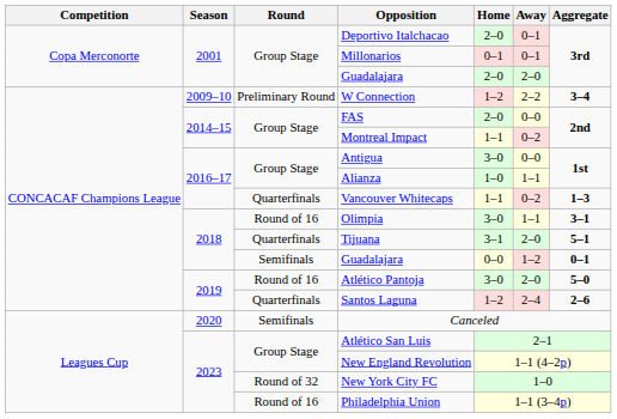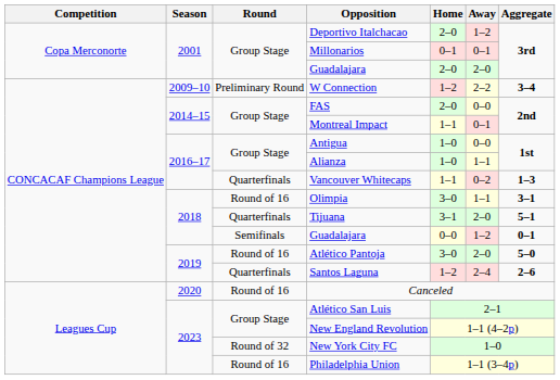 <table class="wikitable collapsible sortable" style="text-align:center; ">
 <tr>
 <th>Competition</th>
 <th>Season</th>
 <th>Round</th>
 <th>Opposition</th>
 <th>Home</th>
 <th>Away</th>
 <th>Aggregate</th>
 </tr>
 <tr>
 <td rowspan="3"><a href='#'>Copa Merconorte</a></td>
 <td rowspan="3"><a href='#'>2001</a></td>
 <td rowspan="3">Group Stage</td>
 <td style="text-align:left;"> <a href='#'>Deportivo Italchacao</a></td>
 <td style="text-align:center; background:#dfd;">2–0</td>
-<td style="text-align:center; background:#fdd;">0–1</td>
+<td style="text-align:center; background:#fdd;">1–2</td>
 <td rowspan="3"><strong>3rd</strong></td>
 </tr>
 <tr>
 <td style="text-align:left;"> <a href='#'>Millonarios</a></td>
 <td style="text-align:center; background:#fdd;">0–1</td>
 <td style="text-align:center; background:#fdd;">0–1</td>
 </tr>
 <tr>
 <td style="text-align:left;"> <a href='#'>Guadalajara</a></td>
 <td style="text-align:center; background:#dfd;">2–0</td>
 <td style="text-align:center; background:#dfd;">2–0</td>
 </tr>
 <tr>
 <td rowspan="11"><a href='#'>CONCACAF Champions League</a></td>
 <td><a href='#'>2009–10</a></td>
 <td>Preliminary Round</td>
 <td style="text-align:left;"> <a href='#'>W Connection</a></td>
 <td style="text-align:center; background:#fdd;">1–2</td>
 <td style="text-align:center; background:#ffd;">2–2</td>
 <td style="text-align:center;"><strong>3–4</strong></td>
 </tr>
 <tr>
 <td rowspan="2"><a href='#'>2014–15</a></td>
 <td rowspan="2">Group Stage</td>
 <td style="text-align:left;"> <a href='#'>FAS</a></td>
 <td style="text-align:center; background:#dfd;">2–0</td>
 <td style="text-align:center; background:#ffd;">0–0</td>
 <td rowspan="2"><strong>2nd</strong></td>
 </tr>
 <tr>
 <td style="text-align:left;"> <a href='#'>Montreal Impact</a></td>
 <td style="text-align:center; background:#ffd;">1–1</td>
-<td style="text-align:center; background:#fdd;">0–2</td>
+<td style="text-align:center; background:#fdd;">0–1</td>
 </tr>
 <tr>
 <td rowspan="3"><a href='#'>2016–17</a></td>
 <td rowspan="2">Group Stage</td>
 <td style="text-align:left;"> <a href='#'>Antigua</a></td>
-<td style="text-align:center; background:#dfd;">3–0</td>
+<td style="text-align:center; background:#dfd;">1–0</td>
 <td style="text-align:center; background:#ffd;">0–0</td>
 <td rowspan="2"><strong>1st</strong></td>
 </tr>
 <tr>
 <td style="text-align:left;"> <a href='#'>Alianza</a></td>
 <td style="text-align:center; background:#dfd;">1–0</td>
 <td style="text-align:center; background:#ffd;">1–1</td>
 </tr>
 <tr>
 <td rowspan="1">Quarterfinals</td>
 <td style="text-align:left;"> <a href='#'>Vancouver Whitecaps</a></td>
 <td style="text-align:center; background:#ffd;">1–1</td>
 <td style="text-align:center; background:#fdd;">0–2</td>
 <td style="text-align:center;"><strong>1–3</strong></td>
 </tr>
 <tr>
 <td rowspan="3"><a href='#'>2018</a></td>
 <td rowspan="1">Round of 16</td>
 <td style="text-align:left;"> <a href='#'>Olimpia</a></td>
 <td style="text-align:center; background:#dfd;">3–0</td>
 <td style="text-align:center; background:#ffd;">1–1</td>
 <td style="text-align:center;"><strong>3–1</strong></td>
 </tr>
 <tr>
 <td rowspan="1">Quarterfinals</td>
 <td style="text-align:left;"> <a href='#'>Tijuana</a></td>
 <td style="text-align:center; background:#dfd;">3–1</td>
 <td style="text-align:center; background:#dfd;">2–0</td>
 <td style="text-align:center;"><strong>5–1</strong></td>
 </tr>
 <tr>
 <td rowspan="1">Semifinals</td>
 <td style="text-align:left;"> <a href='#'>Guadalajara</a></td>
 <td style="text-align:center; background:#ffd;">0–0</td>
 <td style="text-align:center; background:#fdd;">1–2</td>
 <td style="text-align:center;"><strong>0–1</strong></td>
 </tr>
 <tr>
 <td rowspan="2"><a href='#'>2019</a></td>
 <td rowspan="1">Round of 16</td>
 <td style="text-align:left;"> <a href='#'>Atlético Pantoja</a></td>
 <td style="text-align:center; background:#dfd;">3–0</td>
 <td style="text-align:center; background:#dfd;">2–0</td>
 <td style="text-align:center;"><strong>5–0</strong></td>
 </tr>
 <tr>
 <td rowspan="1">Quarterfinals</td>
 <td style="text-align:left;"> <a href='#'>Santos Laguna</a></td>
 <td style="text-align:center; background:#fdd;">1–2</td>
 <td style="text-align:center; background:#fdd;">2–4</td>
 <td style="text-align:center;"><strong>2–6</strong></td>
 </tr>
 <tr>
 <td rowspan="5"><a href='#'>Leagues Cup</a></td>
 <td rowspan="1"><a href='#'>2020</a></td>
-<td rowspan="1">Semifinals</td>
+<td rowspan="1">Round of 16</td>
 <td colspan="4" style="text-align:center;"><em>Canceled</em> </td>
 </tr>
 <tr>
 <td rowspan="4"><a href='#'>2023</a></td>
 <td rowspan="2">Group Stage</td>
 <td style="text-align:left;"> <a href='#'>Atlético San Luis</a></td>
 <td colspan="3" style="text-align:center; background:#dfd;">2–1</td>
 </tr>
 <tr>
 <td style="text-align:left;"> <a href='#'>New England Revolution</a></td>
 <td colspan="3" style="text-align:center; background:#ffd;">1–1 (4–2<a href='#'>p</a>)</td>
 </tr>
 <tr>
 <td rowspan="1">Round of 32</td>
 <td style="text-align:left;"> <a href='#'>New York City FC</a></td>
 <td colspan="3" style="text-align:center; background:#dfd;">1–0</td>
 </tr>
 <tr>
 <td rowspan="1">Round of 16</td>
 <td style="text-align:left;"> <a href='#'>Philadelphia Union</a></td>
 <td colspan="3" style="text-align:center; background:#ffd;">1–1 (3–4<a href='#'>p</a>)</td>
 </tr>
 </table>
